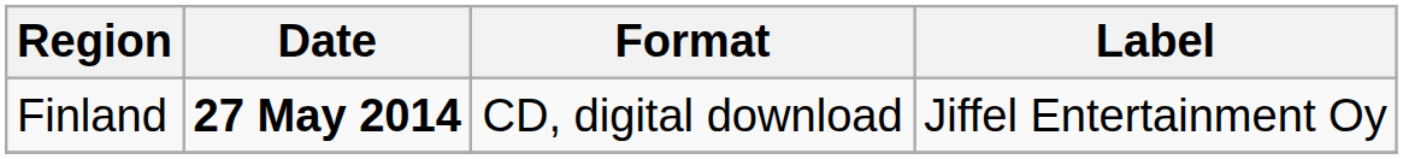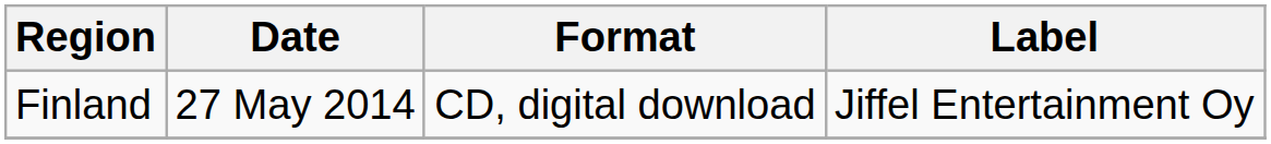 <table class=wikitable>
 <tr>
 <th>Region</th>
 <th>Date</th>
 <th>Format</th>
 <th>Label</th>
 </tr>
 <tr>
 <td>Finland</td>
-<td><strong>27 May 2014</strong></td>
+<td>27 May 2014</td>
 <td>CD, digital download</td>
 <td>Jiffel Entertainment Oy</td>
 </tr>
 <tr>
 </tr>
 </table>
